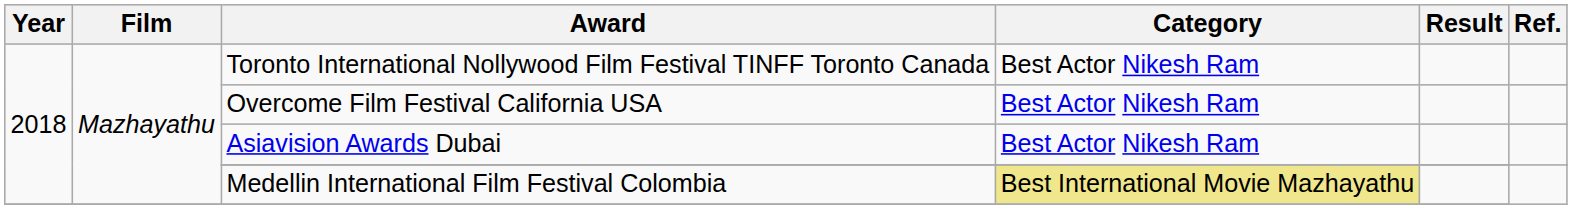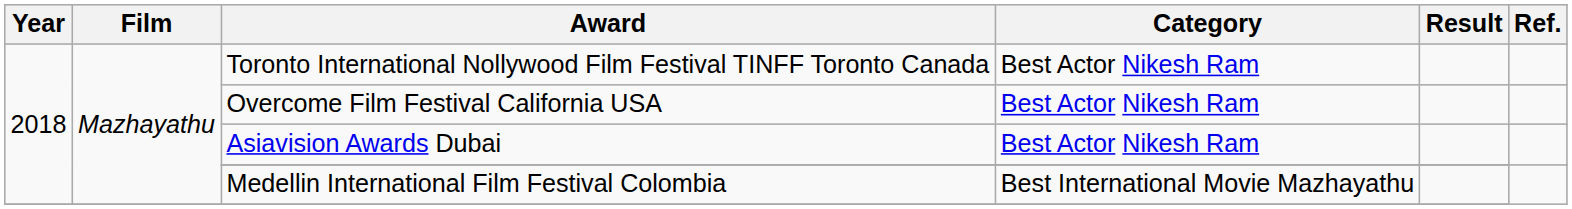 <table class="wikitable">
 <tr>
 <th>Year</th>
 <th>Film</th>
 <th>Award</th>
 <th>Category</th>
 <th>Result</th>
 <th>Ref.</th>
 </tr>
 <tr>
 <td rowspan="5">2018</td>
 <td rowspan="5"><em>Mazhayathu</em></td>
 <td>Toronto International Nollywood Film Festival TINFF Toronto Canada</td>
 <td>Best Actor <a href='#'>Nikesh Ram</a></td>
 <td></td>
 <td></td>
 </tr>
 <tr>
 <td>Overcome Film Festival California USA</td>
 <td><a href='#'>Best Actor</a> <a href='#'>Nikesh Ram</a></td>
 <td></td>
 <td></td>
 </tr>
 <tr>
 <td><a href='#'>Asiavision Awards</a> Dubai</td>
 <td><a href='#'>Best Actor</a> <a href='#'>Nikesh Ram</a></td>
 <td></td>
 <td></td>
 </tr>
 <tr>
 </tr>
 <tr>
 <td>Medellin International Film Festival Colombia</td>
-<td style="background: khaki;">Best International Movie Mazhayathu</td>
+<td>Best International Movie Mazhayathu</td>
 <td></td>
 </tr>
 <tr>
 </tr>
 </table>
